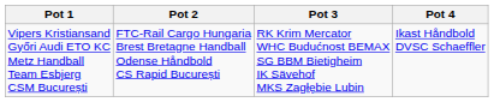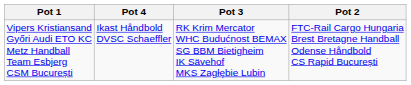 <table class="wikitable">
 <tr>
 <th>Pot 1</th>
+<th>Pot 4</th>
+<th>Pot 3</th>
 <th>Pot 2</th>
-<th>Pot 3</th>
-<th>Pot 4</th>
 </tr>
 <tr>
 <td valign="top"> <a href='#'>Vipers Kristiansand</a><br> <a href='#'>Győri Audi ETO KC</a><br> <a href='#'>Metz Handball</a><br> <a href='#'>Team Esbjerg</a><br> <a href='#'>CSM București</a></td>
+<td valign="top"> <a href='#'>Ikast Håndbold</a><br> <a href='#'>DVSC Schaeffler</a></td>
+<td valign="top"> <a href='#'>RK Krim Mercator</a><br> <a href='#'>WHC Budućnost BEMAX</a><br> <a href='#'>SG BBM Bietigheim</a><br> <a href='#'>IK Sävehof</a><br> <a href='#'>MKS Zagłębie Lubin</a></td>
 <td valign="top"> <a href='#'>FTC-Rail Cargo Hungaria</a><br> <a href='#'>Brest Bretagne Handball</a><br> <a href='#'>Odense Håndbold</a><br> <a href='#'>CS Rapid București</a></td>
-<td valign="top"> <a href='#'>RK Krim Mercator</a><br> <a href='#'>WHC Budućnost BEMAX</a><br> <a href='#'>SG BBM Bietigheim</a><br> <a href='#'>IK Sävehof</a><br> <a href='#'>MKS Zagłębie Lubin</a></td>
-<td valign="top"> <a href='#'>Ikast Håndbold</a><br> <a href='#'>DVSC Schaeffler</a></td>
 </tr>
 </table>
